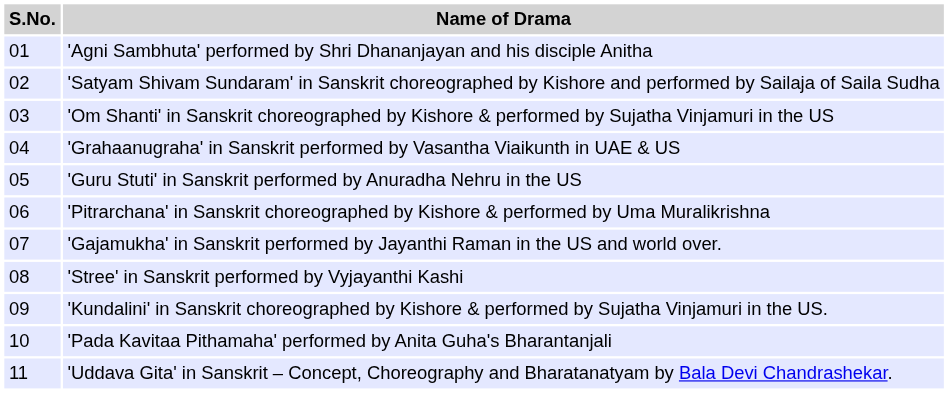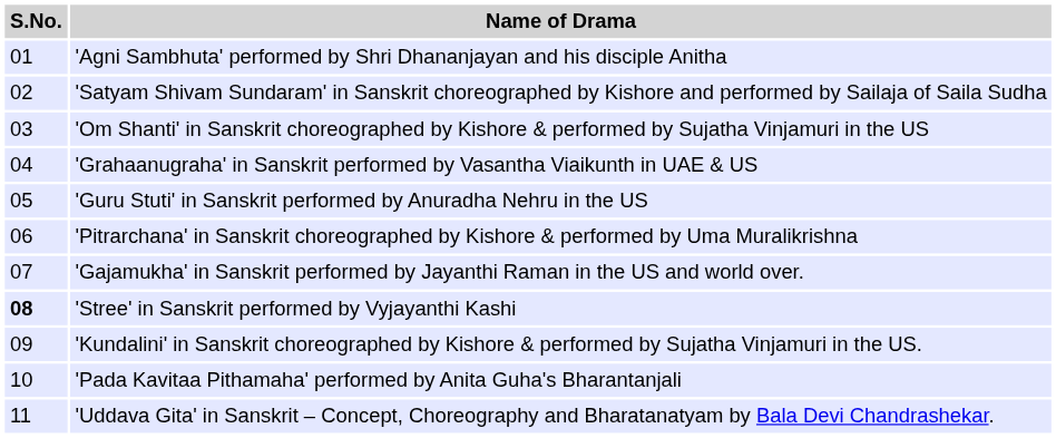 <table border="0" cellpadding="4" cellspacing="2">
 <tr bgcolor="#d3d3d3">
 <th>S.No.</th>
 <th>Name of Drama</th>
 </tr>
 <tr bgcolor="#e4e8ff">
 <td>01</td>
 <td>'Agni Sambhuta' performed by Shri Dhananjayan and his disciple Anitha</td>
 </tr>
 <tr bgcolor="#e4e8ff">
 <td>02</td>
 <td>'Satyam Shivam Sundaram' in Sanskrit choreographed by Kishore and performed by Sailaja of Saila Sudha</td>
 </tr>
 <tr bgcolor="#e4e8ff">
 <td>03</td>
 <td>'Om Shanti' in Sanskrit choreographed by Kishore & performed by Sujatha Vinjamuri in the US</td>
 </tr>
 <tr bgcolor="#e4e8ff">
 <td>04</td>
 <td>'Grahaanugraha' in Sanskrit performed by Vasantha Viaikunth in UAE & US</td>
 </tr>
 <tr bgcolor="#e4e8ff">
 <td>05</td>
 <td>'Guru Stuti' in Sanskrit performed by Anuradha Nehru in the US</td>
 </tr>
 <tr bgcolor="#e4e8ff">
 <td>06</td>
 <td>'Pitrarchana' in Sanskrit choreographed by Kishore & performed by Uma Muralikrishna</td>
 </tr>
 <tr bgcolor="#e4e8ff">
 <td>07</td>
 <td>'Gajamukha' in Sanskrit performed by Jayanthi Raman in the US and world over.</td>
 </tr>
 <tr bgcolor="#e4e8ff">
-<td>08</td>
+<td><strong>08</strong></td>
 <td>'Stree' in Sanskrit performed by Vyjayanthi Kashi</td>
 </tr>
 <tr bgcolor="#e4e8ff">
 <td>09</td>
 <td>'Kundalini' in Sanskrit choreographed by Kishore & performed by Sujatha Vinjamuri in the US.</td>
 </tr>
 <tr bgcolor="#e4e8ff">
 <td>10</td>
 <td>'Pada Kavitaa Pithamaha' performed by Anita Guha's Bharantanjali</td>
 </tr>
 <tr bgcolor="#e4e8ff">
 <td>11</td>
 <td>'Uddava Gita' in Sanskrit – Concept, Choreography and Bharatanatyam by <a href='#'>Bala Devi Chandrashekar</a>.</td>
 </tr>
 </table>
